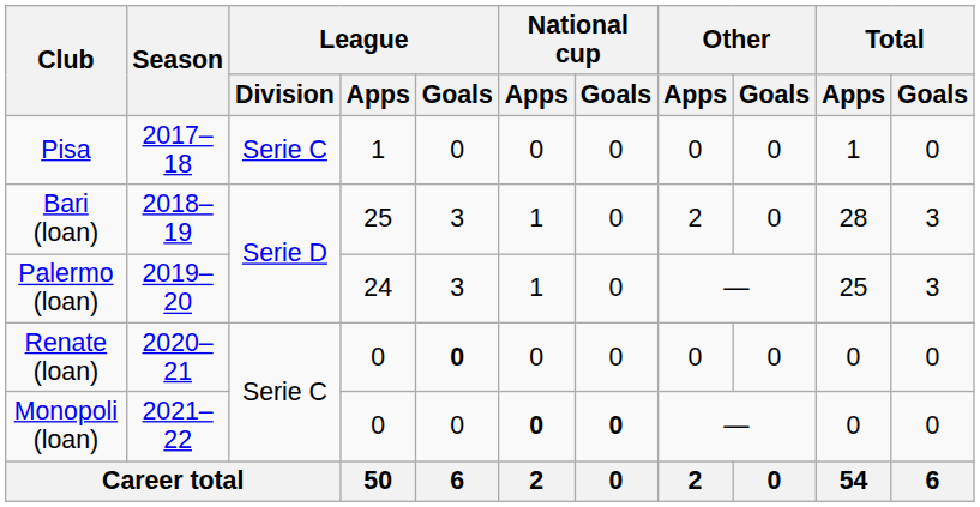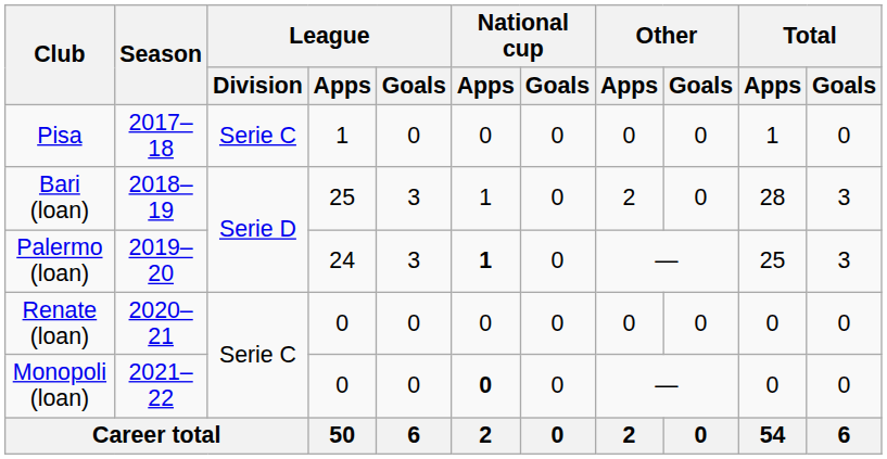 <table class="wikitable" style="text-align: center;">
 <tr>
 <th rowspan="2">Club</th>
 <th rowspan="2">Season</th>
 <th colspan="3">League</th>
 <th colspan="2">National cup</th>
 <th colspan="2">Other</th>
 <th colspan="2">Total</th>
 </tr>
 <tr>
 <th>Division</th>
 <th>Apps</th>
 <th>Goals</th>
 <th>Apps</th>
 <th>Goals</th>
 <th>Apps</th>
 <th>Goals</th>
 <th>Apps</th>
 <th>Goals</th>
 </tr>
 <tr>
 <td><a href='#'>Pisa</a></td>
 <td><a href='#'>2017–18</a></td>
 <td><a href='#'>Serie C</a></td>
 <td>1</td>
 <td>0</td>
 <td>0</td>
 <td>0</td>
 <td>0</td>
 <td>0</td>
 <td>1</td>
 <td>0</td>
 </tr>
 <tr>
 <td><a href='#'>Bari</a> (loan)</td>
 <td><a href='#'>2018–19</a></td>
 <td rowspan="2"><a href='#'>Serie D</a></td>
 <td>25</td>
 <td>3</td>
 <td>1</td>
 <td>0</td>
 <td>2</td>
 <td>0</td>
 <td>28</td>
 <td>3</td>
 </tr>
 <tr>
 <td><a href='#'>Palermo</a> (loan)</td>
 <td><a href='#'>2019–20</a></td>
 <td>24</td>
 <td>3</td>
-<td>1</td>
+<td><strong>1</strong></td>
 <td>0</td>
 <td colspan="2">—</td>
 <td>25</td>
 <td>3</td>
 </tr>
 <tr>
 <td><a href='#'>Renate</a> (loan)</td>
 <td><a href='#'>2020–21</a></td>
 <td rowspan="2">Serie C</td>
 <td>0</td>
-<td><strong>0</strong></td>
+<td>0</td>
 <td>0</td>
 <td>0</td>
 <td>0</td>
 <td>0</td>
 <td>0</td>
 <td>0</td>
 </tr>
 <tr>
 <td><a href='#'>Monopoli</a> (loan)</td>
 <td><a href='#'>2021–22</a></td>
 <td>0</td>
 <td>0</td>
 <td><strong>0</strong></td>
-<td><strong>0</strong></td>
+<td>0</td>
 <td colspan="2">—</td>
 <td>0</td>
 <td>0</td>
 </tr>
 <tr>
 <th colspan="3">Career total</th>
 <th>50</th>
 <th>6</th>
 <th>2</th>
 <th>0</th>
 <th>2</th>
 <th>0</th>
 <th>54</th>
 <th>6</th>
 </tr>
 </table>
